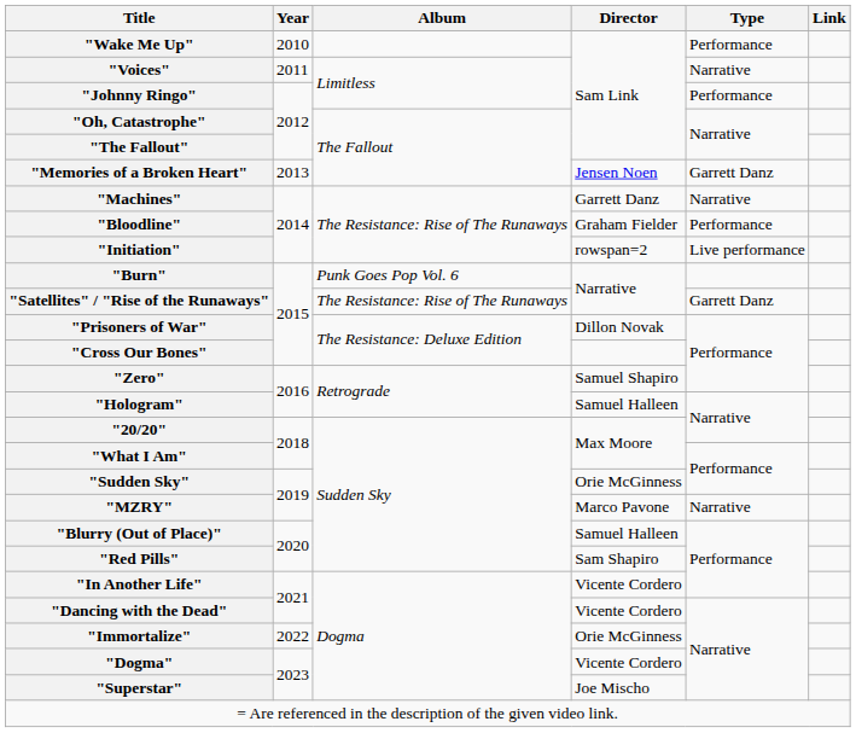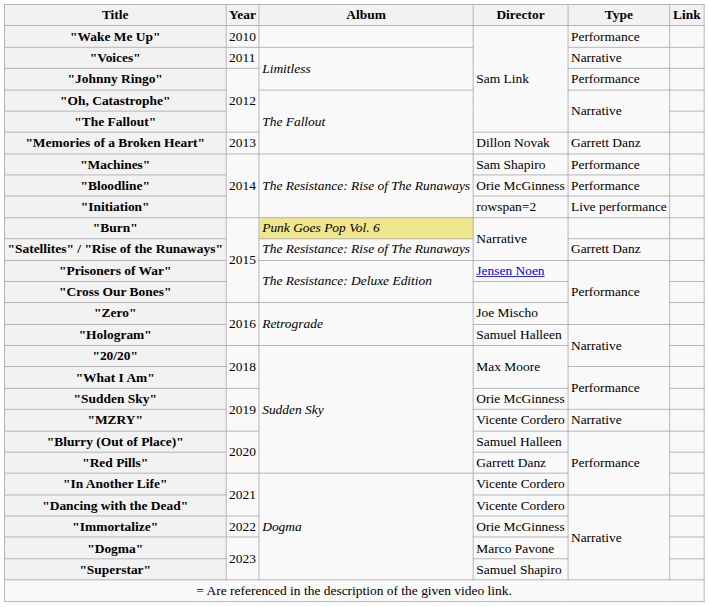 <table class="wikitable plainrowheaders">
 <tr>
 <th>Title</th>
 <th>Year</th>
 <th>Album</th>
 <th>Director</th>
 <th>Type</th>
 <th>Link</th>
 </tr>
 <tr>
 <th scope="row">"Wake Me Up" </th>
 <td>2010</td>
 <td></td>
 <td rowspan=5>Sam Link</td>
 <td>Performance</td>
 <td></td>
 </tr>
 <tr>
 <th scope="row">"Voices"</th>
 <td>2011</td>
 <td rowspan=2><em>Limitless</em></td>
 <td>Narrative</td>
 <td></td>
 </tr>
 <tr>
 <th scope="row">"Johnny Ringo"</th>
 <td rowspan=3>2012</td>
 <td>Performance</td>
 <td></td>
 </tr>
 <tr>
 <th scope="row">"Oh, Catastrophe"</th>
 <td rowspan=3><em>The Fallout</em></td>
 <td rowspan=2>Narrative</td>
 <td></td>
 </tr>
 <tr>
 <th scope="row">"The Fallout"</th>
 <td></td>
 </tr>
 <tr>
 <th scope="row">"Memories of a Broken Heart"</th>
 <td>2013</td>
-<td><a href='#'>Jensen Noen</a></td>
+<td>Dillon Novak</td>
 <td>Garrett Danz</td>
 <td></td>
 </tr>
 <tr>
 <th scope="row">"Machines"</th>
 <td rowspan=3>2014</td>
 <td rowspan=3><em>The Resistance: Rise of The Runaways</em></td>
-<td>Garrett Danz</td>
-<td>Narrative</td>
+<td>Sam Shapiro</td>
+<td>Performance</td>
 <td></td>
 </tr>
 <tr>
 <th scope="row">"Bloodline"</th>
-<td>Graham Fielder</td>
+<td>Orie McGinness</td>
 <td>Performance</td>
 <td></td>
 </tr>
 <tr>
 <th scope="row">"Initiation"</th>
 <td>rowspan=2</td>
 <td>Live performance</td>
 <td></td>
 </tr>
 <tr>
 <th scope="row">"Burn"</th>
 <td rowspan=4>2015</td>
-<td><em>Punk Goes Pop Vol. 6</em></td>
+<td style="background: khaki;"><em>Punk Goes Pop Vol. 6</em></td>
 <td rowspan=2>Narrative</td>
 <td></td>
 </tr>
 <tr>
 <th scope="row">"Satellites" / "Rise of the Runaways"</th>
 <td><em>The Resistance: Rise of The Runaways</em></td>
 <td>Garrett Danz</td>
 <td></td>
 </tr>
 <tr>
 <th scope="row">"Prisoners of War"</th>
 <td rowspan=2><em>The Resistance: Deluxe Edition</em></td>
-<td>Dillon Novak</td>
+<td><a href='#'>Jensen Noen</a></td>
 <td rowspan=3>Performance</td>
 <td></td>
 </tr>
 <tr>
 <th scope="row">"Cross Our Bones"</th>
 <td></td>
 <td></td>
 </tr>
 <tr>
 <th scope="row">"Zero"</th>
 <td rowspan=2>2016</td>
 <td rowspan=2><em>Retrograde</em></td>
-<td>Samuel Shapiro</td>
+<td>Joe Mischo</td>
 <td></td>
 </tr>
 <tr>
 <th scope="row">"Hologram"</th>
 <td>Samuel Halleen</td>
 <td rowspan=2>Narrative</td>
 <td></td>
 </tr>
 <tr>
 <th scope="row">"20/20"</th>
 <td rowspan=2>2018</td>
 <td rowspan=6><em>Sudden Sky</em></td>
 <td rowspan=2>Max Moore</td>
 <td></td>
 </tr>
 <tr>
 <th scope="row">"What I Am"</th>
 <td rowspan=2>Performance</td>
 <td></td>
 </tr>
 <tr>
 <th scope="row">"Sudden Sky"</th>
 <td rowspan=2>2019</td>
 <td>Orie McGinness</td>
 <td></td>
 </tr>
 <tr>
 <th scope="row">"MZRY"</th>
-<td>Marco Pavone</td>
+<td>Vicente Cordero</td>
 <td>Narrative</td>
 <td></td>
 </tr>
 <tr>
 <th scope="row">"Blurry (Out of Place)"</th>
 <td rowspan=2>2020</td>
 <td>Samuel Halleen</td>
 <td rowspan=3>Performance</td>
 <td></td>
 </tr>
 <tr>
 <th scope="row">"Red Pills"</th>
-<td>Sam Shapiro</td>
+<td>Garrett Danz</td>
 <td></td>
 </tr>
 <tr>
 <th scope="row">"In Another Life"</th>
 <td rowspan=2>2021</td>
 <td rowspan=5><em>Dogma</em></td>
 <td>Vicente Cordero</td>
 <td></td>
 </tr>
 <tr>
 <th scope="row">"Dancing with the Dead"</th>
 <td>Vicente Cordero</td>
 <td rowspan=4>Narrative</td>
 <td></td>
 </tr>
 <tr>
 <th scope="row">"Immortalize"</th>
 <td>2022</td>
 <td>Orie McGinness</td>
 <td></td>
 </tr>
 <tr>
 <th scope="row">"Dogma"</th>
 <td rowspan=2>2023</td>
-<td>Vicente Cordero</td>
+<td>Marco Pavone</td>
 <td></td>
 </tr>
 <tr>
 <th scope="row">"Superstar"</th>
-<td>Joe Mischo</td>
+<td>Samuel Shapiro</td>
 <td></td>
 </tr>
 <tr>
 <td colspan="7" style="text-align:center">= Are referenced in the description of the given video link.</td>
 </tr>
 </table>
